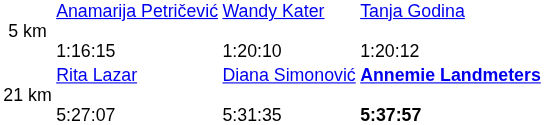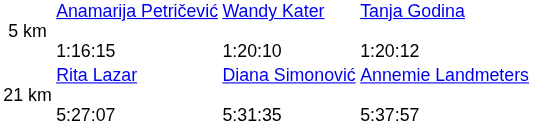 <table>
 <tr>
 <td align=center>5 km</td>
 <td><a href='#'>Anamarija Petričević</a> <br><br> 1:16:15</td>
 <td><a href='#'>Wandy Kater</a> <br><br> 1:20:10</td>
 <td><a href='#'>Tanja Godina</a> <br><br> 1:20:12</td>
 </tr>
 <tr>
 <td align=center>21 km</td>
 <td><a href='#'>Rita Lazar</a> <br><br> 5:27:07</td>
 <td><a href='#'>Diana Simonović</a> <br><br> 5:31:35</td>
-<td><strong><a href='#'>Annemie Landmeters</a> <br><br> 5:37:57</strong></td>
+<td><a href='#'>Annemie Landmeters</a> <br><br> 5:37:57</td>
 </tr>
 </table>
